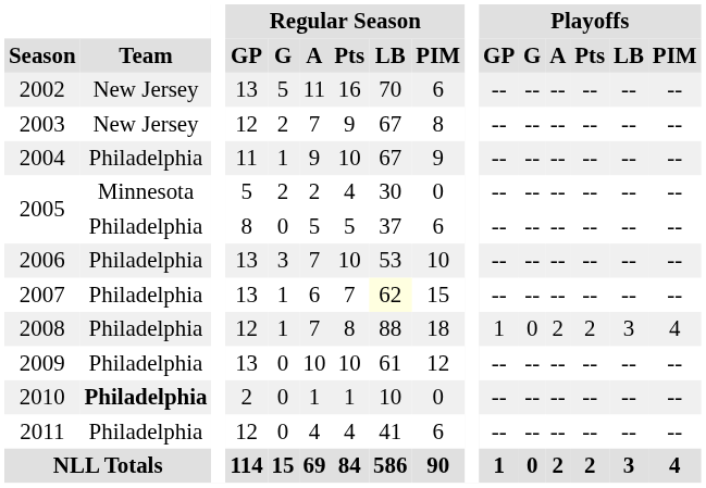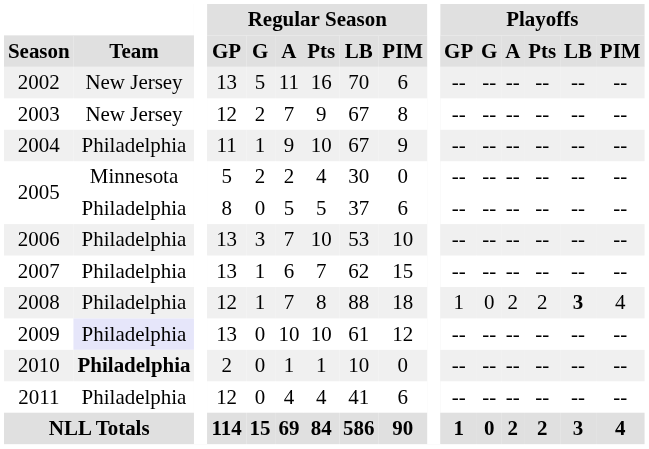 <table BORDER="0" CELLPADDING="3" CELLSPACING="0">
 <tr ALIGN="center" bgcolor="#e0e0e0">
 <th colspan="2" bgcolor="#ffffff"> </th>
 <th rowspan="99" bgcolor="#ffffff"> </th>
 <th colspan="6">Regular Season</th>
 <th rowspan="99" bgcolor="#ffffff"> </th>
 <th colspan="6">Playoffs</th>
 </tr>
 <tr ALIGN="center" bgcolor="#e0e0e0">
 <th>Season</th>
 <th>Team</th>
 <th>GP</th>
 <th>G</th>
 <th>A</th>
 <th>Pts</th>
 <th>LB</th>
 <th>PIM</th>
 <th>GP</th>
 <th>G</th>
 <th>A</th>
 <th>Pts</th>
 <th>LB</th>
 <th>PIM</th>
 </tr>
 <tr ALIGN="center" bgcolor="#f0f0f0">
 <td>2002</td>
 <td>New Jersey</td>
 <td>13</td>
 <td>5</td>
 <td>11</td>
 <td>16</td>
 <td>70</td>
 <td>6</td>
 <td>--</td>
 <td>--</td>
 <td>--</td>
 <td>--</td>
 <td>--</td>
 <td>--</td>
 </tr>
 <tr ALIGN="center">
 <td>2003</td>
 <td>New Jersey</td>
 <td>12</td>
 <td>2</td>
 <td>7</td>
 <td>9</td>
 <td>67</td>
 <td>8</td>
 <td>--</td>
 <td>--</td>
 <td>--</td>
 <td>--</td>
 <td>--</td>
 <td>--</td>
 </tr>
 <tr ALIGN="center" bgcolor="#f0f0f0">
 <td>2004</td>
 <td>Philadelphia</td>
 <td>11</td>
 <td>1</td>
 <td>9</td>
 <td>10</td>
 <td>67</td>
 <td>9</td>
 <td>--</td>
 <td>--</td>
 <td>--</td>
 <td>--</td>
 <td>--</td>
 <td>--</td>
 </tr>
 <tr ALIGN="center">
 <td rowspan="2">2005</td>
 <td>Minnesota</td>
 <td>5</td>
 <td>2</td>
 <td>2</td>
 <td>4</td>
 <td>30</td>
 <td>0</td>
 <td>--</td>
 <td>--</td>
 <td>--</td>
 <td>--</td>
 <td>--</td>
 <td>--</td>
 </tr>
 <tr ALIGN="center">
 <td>Philadelphia</td>
 <td>8</td>
 <td>0</td>
 <td>5</td>
 <td>5</td>
 <td>37</td>
 <td>6</td>
 <td>--</td>
 <td>--</td>
 <td>--</td>
 <td>--</td>
 <td>--</td>
 <td>--</td>
 </tr>
 <tr ALIGN="center" bgcolor="#f0f0f0">
 <td>2006</td>
 <td>Philadelphia</td>
 <td>13</td>
 <td>3</td>
 <td>7</td>
 <td>10</td>
 <td>53</td>
 <td>10</td>
 <td>--</td>
 <td>--</td>
 <td>--</td>
 <td>--</td>
 <td>--</td>
 <td>--</td>
 </tr>
 <tr ALIGN="center">
 <td>2007</td>
 <td>Philadelphia</td>
 <td>13</td>
 <td>1</td>
 <td>6</td>
 <td>7</td>
-<td style="background: lightyellow;">62</td>
+<td>62</td>
 <td>15</td>
 <td>--</td>
 <td>--</td>
 <td>--</td>
 <td>--</td>
 <td>--</td>
 <td>--</td>
 </tr>
 <tr ALIGN="center" bgcolor="#f0f0f0">
 <td>2008</td>
 <td>Philadelphia</td>
 <td>12</td>
 <td>1</td>
 <td>7</td>
 <td>8</td>
 <td>88</td>
 <td>18</td>
 <td>1</td>
 <td>0</td>
 <td>2</td>
 <td>2</td>
-<td>3</td>
+<td><strong>3</strong></td>
 <td>4</td>
 </tr>
 <tr ALIGN="center">
 <td>2009</td>
-<td>Philadelphia</td>
+<td style="background: lavender;">Philadelphia</td>
 <td>13</td>
 <td>0</td>
 <td>10</td>
 <td>10</td>
 <td>61</td>
 <td>12</td>
 <td>--</td>
 <td>--</td>
 <td>--</td>
 <td>--</td>
 <td>--</td>
 <td>--</td>
 </tr>
 <tr ALIGN="center" bgcolor="#f0f0f0">
 <td>2010</td>
 <td><strong>Philadelphia</strong></td>
 <td>2</td>
 <td>0</td>
 <td>1</td>
 <td>1</td>
 <td>10</td>
 <td>0</td>
 <td>--</td>
 <td>--</td>
 <td>--</td>
 <td>--</td>
 <td>--</td>
 <td>--</td>
 </tr>
 <tr ALIGN="center">
 <td>2011</td>
 <td>Philadelphia</td>
 <td>12</td>
 <td>0</td>
 <td>4</td>
 <td>4</td>
 <td>41</td>
 <td>6</td>
 <td>--</td>
 <td>--</td>
 <td>--</td>
 <td>--</td>
 <td>--</td>
 <td>--</td>
 </tr>
 <tr ALIGN="center" bgcolor="#e0e0e0">
 <th colspan="2">NLL Totals</th>
 <th>114</th>
 <th>15</th>
 <th>69</th>
 <th>84</th>
 <th>586</th>
 <th>90</th>
 <th>1</th>
 <th>0</th>
 <th>2</th>
 <th>2</th>
 <th>3</th>
 <th>4</th>
 </tr>
 </table>
